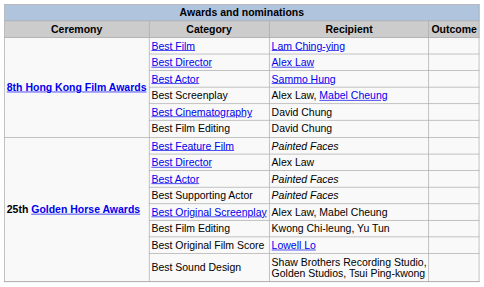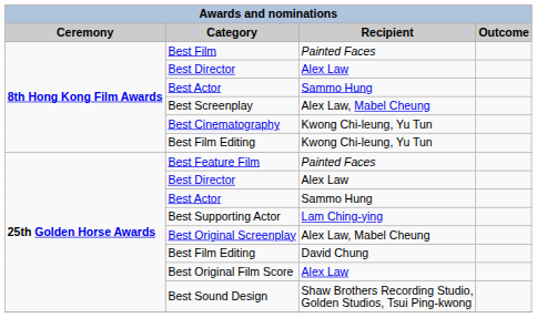 <table class="wikitable" style="font-size:95%;" ;>
 <tr style="background:#ccc; text-align:center;">
 <th colspan="4" style="background: LightSteelBlue;">Awards and nominations</th>
 </tr>
 <tr style="background:#ccc; text-align:center;">
 <th style="background:#ccc">Ceremony</th>
 <th style="background:#ccc">Category</th>
 <th style="background:#ccc">Recipient</th>
 <th style="background:#ccc">Outcome</th>
 </tr>
 <tr>
 <td rowspan=6><strong><a href='#'>8th Hong Kong Film Awards</a></strong></td>
 <td><a href='#'>Best Film</a></td>
-<td><a href='#'>Lam Ching-ying</a></td>
+<td><em>Painted Faces</em></td>
 <td></td>
 </tr>
 <tr>
 <td><a href='#'>Best Director</a></td>
 <td><a href='#'>Alex Law</a></td>
 <td></td>
 </tr>
 <tr>
 <td><a href='#'>Best Actor</a></td>
 <td><a href='#'>Sammo Hung</a></td>
 <td></td>
 </tr>
 <tr>
 <td>Best Screenplay</td>
 <td>Alex Law, <a href='#'>Mabel Cheung</a></td>
 <td></td>
 </tr>
 <tr>
 <td><a href='#'>Best Cinematography</a></td>
-<td>David Chung</td>
+<td>Kwong Chi-leung, Yu Tun</td>
 <td></td>
 </tr>
 <tr>
 <td>Best Film Editing</td>
-<td>David Chung</td>
+<td>Kwong Chi-leung, Yu Tun</td>
 <td></td>
 </tr>
 <tr>
 <td rowspan=8><strong>25th <a href='#'>Golden Horse Awards</a></strong></td>
 <td><a href='#'>Best Feature Film</a></td>
 <td><em>Painted Faces</em></td>
 <td></td>
 </tr>
 <tr>
 <td><a href='#'>Best Director</a></td>
 <td>Alex Law</td>
 <td></td>
 </tr>
 <tr>
 <td><a href='#'>Best Actor</a></td>
-<td><em>Painted Faces</em></td>
+<td>Sammo Hung</td>
 <td></td>
 </tr>
 <tr>
 <td>Best Supporting Actor</td>
-<td><em>Painted Faces</em></td>
+<td><a href='#'>Lam Ching-ying</a></td>
 <td></td>
 </tr>
 <tr>
 <td><a href='#'>Best Original Screenplay</a></td>
 <td>Alex Law, Mabel Cheung</td>
 <td></td>
 </tr>
 <tr>
 <td>Best Film Editing</td>
-<td>Kwong Chi-leung, Yu Tun</td>
+<td>David Chung</td>
 <td></td>
 </tr>
 <tr>
 <td>Best Original Film Score</td>
-<td><a href='#'>Lowell Lo</a></td>
+<td><a href='#'>Alex Law</a></td>
 <td></td>
 </tr>
 <tr>
 <td>Best Sound Design</td>
 <td>Shaw Brothers Recording Studio,<br>Golden Studios, Tsui Ping-kwong</td>
 <td></td>
 </tr>
 <tr>
 </tr>
 </table>
